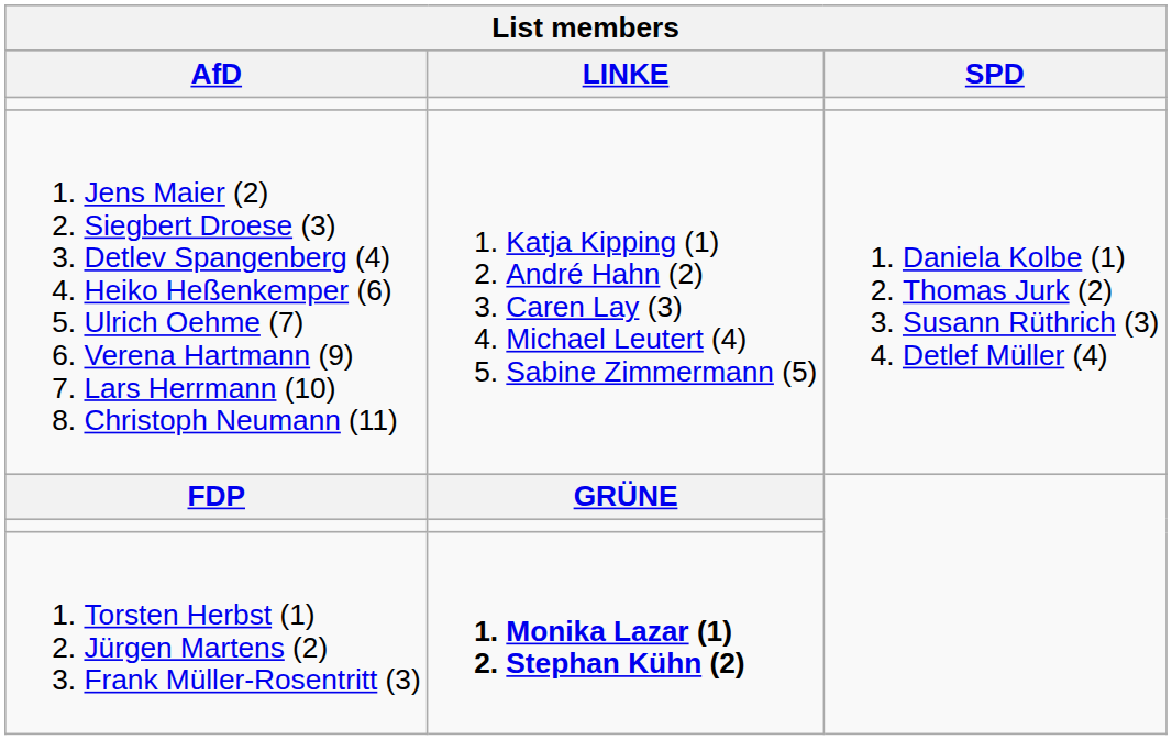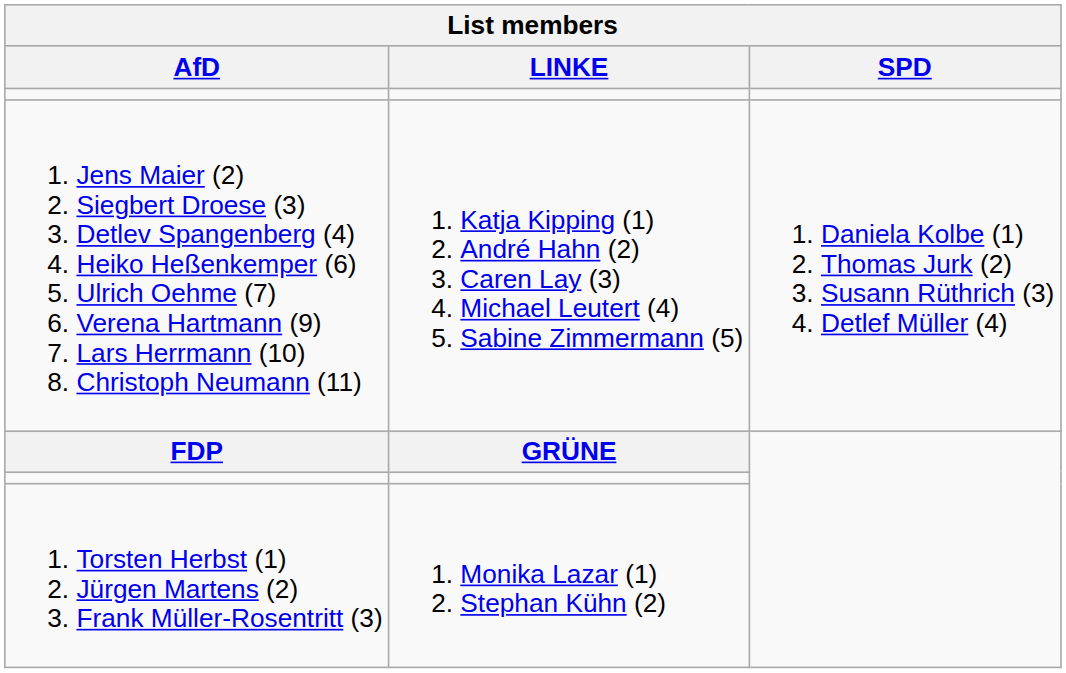 <table class=wikitable>
 <tr>
 <th colspan=3>List members</th>
 </tr>
 <tr>
 <th><a href='#'>AfD</a></th>
 <th><a href='#'>LINKE</a></th>
 <th><a href='#'>SPD</a></th>
 </tr>
 <tr>
 <td bgcolor=></td>
 <td bgcolor=></td>
 <td bgcolor=></td>
 </tr>
 <tr>
 <td><br><ol><li><a href='#'>Jens Maier</a> (2)</li><li><a href='#'>Siegbert Droese</a> (3)</li><li><a href='#'>Detlev Spangenberg</a> (4)</li><li><a href='#'>Heiko Heßenkemper</a> (6)</li><li><a href='#'>Ulrich Oehme</a> (7)</li><li><a href='#'>Verena Hartmann</a> (9)</li><li><a href='#'>Lars Herrmann</a> (10)</li><li><a href='#'>Christoph Neumann</a> (11)</li></ol></td>
 <td><br><ol><li><a href='#'>Katja Kipping</a> (1)</li><li><a href='#'>André Hahn</a> (2)</li><li><a href='#'>Caren Lay</a> (3)</li><li><a href='#'>Michael Leutert</a> (4)</li><li><a href='#'>Sabine Zimmermann</a> (5)</li></ol></td>
 <td><br><ol><li><a href='#'>Daniela Kolbe</a> (1)</li><li><a href='#'>Thomas Jurk</a> (2)</li><li><a href='#'>Susann Rüthrich</a> (3)</li><li><a href='#'>Detlef Müller</a> (4)</li></ol></td>
 </tr>
 <tr>
 <th><a href='#'>FDP</a></th>
 <th><a href='#'>GRÜNE</a></th>
 </tr>
 <tr>
 <td bgcolor=></td>
 <td bgcolor=></td>
 </tr>
 <tr>
 <td><br><ol><li><a href='#'>Torsten Herbst</a> (1)</li><li><a href='#'>Jürgen Martens</a> (2)</li><li><a href='#'>Frank Müller-Rosentritt</a> (3)</li></ol></td>
-<td><strong><br><ol><li><a href='#'>Monika Lazar</a> (1)</li><li><a href='#'>Stephan Kühn</a> (2)</li></ol></strong></td>
+<td><br><ol><li><a href='#'>Monika Lazar</a> (1)</li><li><a href='#'>Stephan Kühn</a> (2)</li></ol></td>
 </tr>
 </table>
